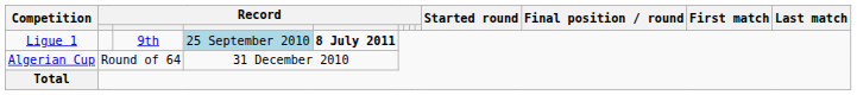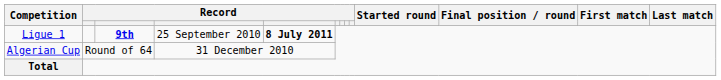 <table class="wikitable" style="text-align: center">
 <tr>
 <th rowspan=2>Competition</th>
 <th colspan=8>Record</th>
 <th rowspan=2>Started round</th>
 <th rowspan=2>Final position / round</th>
 <th rowspan=2>First match</th>
 <th rowspan=2>Last match</th>
 </tr>
 <tr>
 <th></th>
 <th></th>
 <th></th>
 <th></th>
 <th></th>
 <th></th>
 <th></th>
 <th></th>
 </tr>
 <tr>
 <td><a href='#'>Ligue 1</a><br></td>
 <td></td>
-<td><a href='#'>9th</a></td>
-<td style="background: lightblue;">25 September 2010</td>
+<td><strong><a href='#'>9th</a></strong></td>
+<td>25 September 2010</td>
 <td><strong>8 July 2011</strong></td>
 </tr>
 <tr>
 <td><a href='#'>Algerian Cup</a><br></td>
 <td colspan=2>Round of 64</td>
 <td colspan=2>31 December 2010</td>
 </tr>
 <tr>
 <th>Total<br></th>
 </tr>
 </table>
